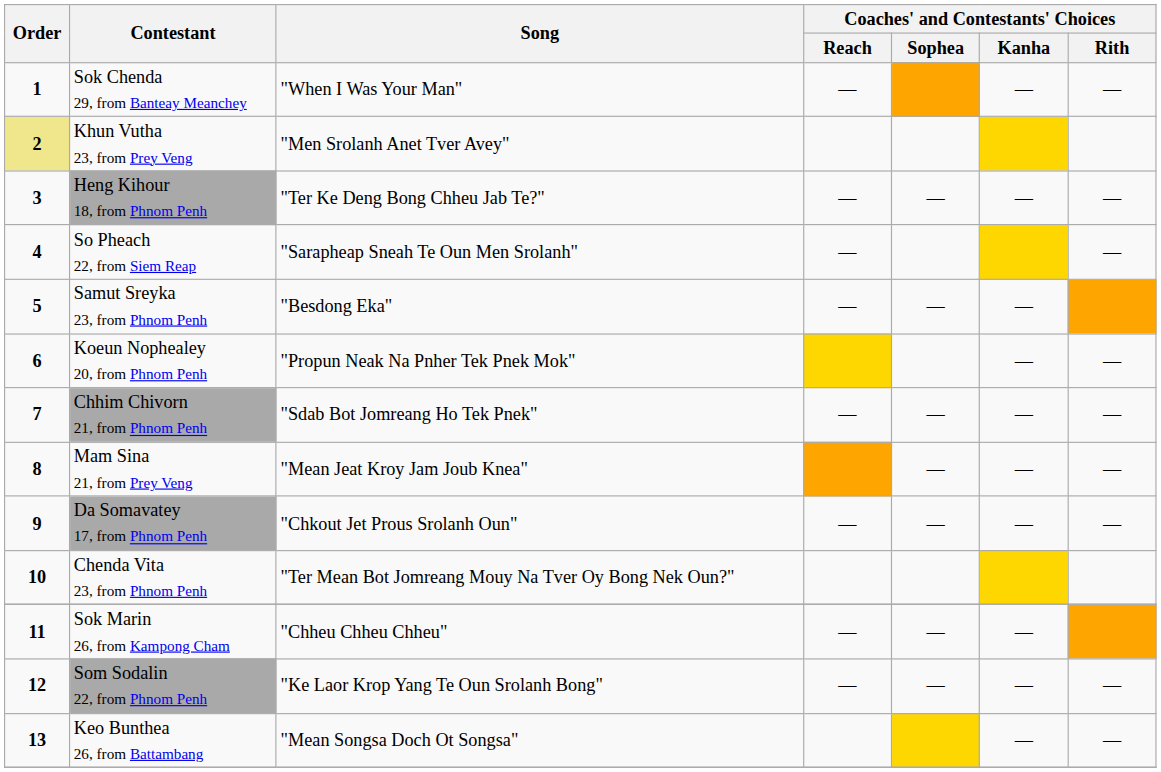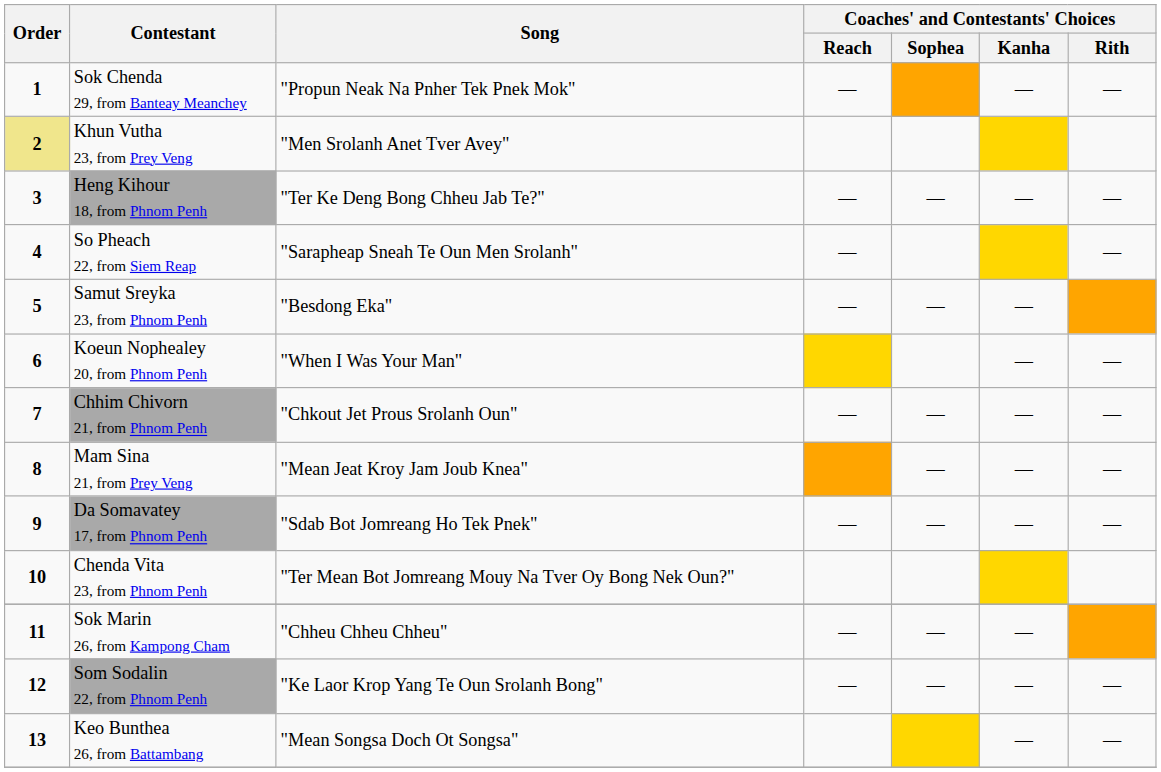 <table class="wikitable" style="width:80%;">
 <tr>
 <th rowspan=2>Order</th>
 <th rowspan=2>Contestant</th>
 <th rowspan=2>Song</th>
 <th colspan=4>Coaches' and Contestants' Choices</th>
 </tr>
 <tr>
 <th width="70">Reach</th>
 <th width="70">Sophea</th>
 <th width="70">Kanha</th>
 <th width="70">Rith</th>
 </tr>
 <tr>
 <td align="center"><strong>1</strong></td>
 <td>Sok Chenda<br><sub>29, from <a href='#'>Banteay Meanchey</a></sub></td>
-<td>"When I Was Your Man"</td>
+<td>"Propun Neak Na Pnher Tek Pnek Mok"</td>
 <td align="center">—</td>
 <td style=";background:orange;text-align:center;"></td>
 <td align="center">—</td>
 <td align="center">—</td>
 </tr>
 <tr>
 <td align="center" style="background: khaki;"><strong>2</strong></td>
 <td>Khun Vutha<br><sub>23, from <a href='#'>Prey Veng</a></sub></td>
 <td>"Men Srolanh Anet Tver Avey"</td>
 <td style=";text-align:center;"></td>
 <td style=";text-align:center;"></td>
 <td style="background:gold;text-align:center;"></td>
 <td style=";text-align:center;"></td>
 </tr>
 <tr>
 <td align="center"><strong>3</strong></td>
 <td style="background:darkgrey;text-align:left;">Heng Kihour<br><sub>18, from <a href='#'>Phnom Penh</a></sub></td>
 <td>"Ter Ke Deng Bong Chheu Jab Te?"</td>
 <td align="center">—</td>
 <td align="center">—</td>
 <td align="center">—</td>
 <td align="center">—</td>
 </tr>
 <tr>
 <td align="center"><strong>4</strong></td>
 <td>So Pheach<br><sub>22, from <a href='#'>Siem Reap</a></sub></td>
 <td>"Sarapheap Sneah Te Oun Men Srolanh"</td>
 <td align="center">—</td>
 <td style=";text-align:center;"></td>
 <td style="background:gold;text-align:center;"></td>
 <td align="center">—</td>
 </tr>
 <tr>
 <td align="center"><strong>5</strong></td>
 <td>Samut Sreyka<br><sub>23, from <a href='#'>Phnom Penh</a></sub></td>
 <td>"Besdong Eka"</td>
 <td align="center">—</td>
 <td align="center">—</td>
 <td align="center">—</td>
 <td style=";background:orange;text-align:center;"></td>
 </tr>
 <tr>
 <td align="center"><strong>6</strong></td>
 <td>Koeun Nophealey<br><sub>20, from <a href='#'>Phnom Penh</a></sub></td>
-<td>"Propun Neak Na Pnher Tek Pnek Mok"</td>
+<td>"When I Was Your Man"</td>
 <td style="background:gold;text-align:center;"></td>
 <td style=";text-align:center;"></td>
 <td align="center">—</td>
 <td align="center">—</td>
 </tr>
 <tr>
 <td align="center"><strong>7</strong></td>
 <td style="background:darkgrey;text-align:left;">Chhim Chivorn<br><sub>21, from <a href='#'>Phnom Penh</a></sub></td>
-<td>"Sdab Bot Jomreang Ho Tek Pnek"</td>
+<td>"Chkout Jet Prous Srolanh Oun"</td>
 <td align="center">—</td>
 <td align="center">—</td>
 <td align="center">—</td>
 <td align="center">—</td>
 </tr>
 <tr>
 <td align="center"><strong>8</strong></td>
 <td>Mam Sina<br><sub>21, from <a href='#'>Prey Veng</a></sub></td>
 <td>"Mean Jeat Kroy Jam Joub Knea"</td>
 <td style=";background:orange;text-align:center;"></td>
 <td align="center">—</td>
 <td align="center">—</td>
 <td align="center">—</td>
 </tr>
 <tr>
 <td align="center"><strong>9</strong></td>
 <td style="background:darkgrey;text-align:left;">Da Somavatey<br><sub>17, from <a href='#'>Phnom Penh</a></sub></td>
-<td>"Chkout Jet Prous Srolanh Oun"</td>
+<td>"Sdab Bot Jomreang Ho Tek Pnek"</td>
 <td align="center">—</td>
 <td align="center">—</td>
 <td align="center">—</td>
 <td align="center">—</td>
 </tr>
 <tr>
 <td align="center"><strong>10</strong></td>
 <td>Chenda Vita<br><sub>23, from <a href='#'>Phnom Penh</a></sub></td>
 <td>"Ter Mean Bot Jomreang Mouy Na Tver Oy Bong Nek Oun?"</td>
 <td style=";text-align:center;"></td>
 <td style=";text-align:center;"></td>
 <td style="background:gold;text-align:center;"></td>
 <td style=";text-align:center;"></td>
 </tr>
 <tr>
 </tr>
 <tr>
 <td align="center"><strong>11</strong></td>
 <td>Sok Marin<br><sub>26, from <a href='#'>Kampong Cham</a></sub></td>
 <td>"Chheu Chheu Chheu"</td>
 <td align="center">—</td>
 <td align="center">—</td>
 <td align="center">—</td>
 <td style="background:orange;text-align:center;"></td>
 </tr>
 <tr>
 <td align="center"><strong>12</strong></td>
 <td style="background:darkgrey;text-align:left;">Som Sodalin<br><sub>22, from <a href='#'>Phnom Penh</a></sub></td>
 <td>"Ke Laor Krop Yang Te Oun Srolanh Bong"</td>
 <td align="center">—</td>
 <td align="center">—</td>
 <td align="center">—</td>
 <td align="center">—</td>
 </tr>
 <tr>
 <td align="center"><strong>13</strong></td>
 <td>Keo Bunthea<br><sub>26, from <a href='#'>Battambang</a></sub></td>
 <td>"Mean Songsa Doch Ot Songsa"</td>
 <td style=";text-align:center;"></td>
 <td style="background:gold;text-align:center;"></td>
 <td align="center">—</td>
 <td align="center">—</td>
 </tr>
 <tr>
 </tr>
 </table>
